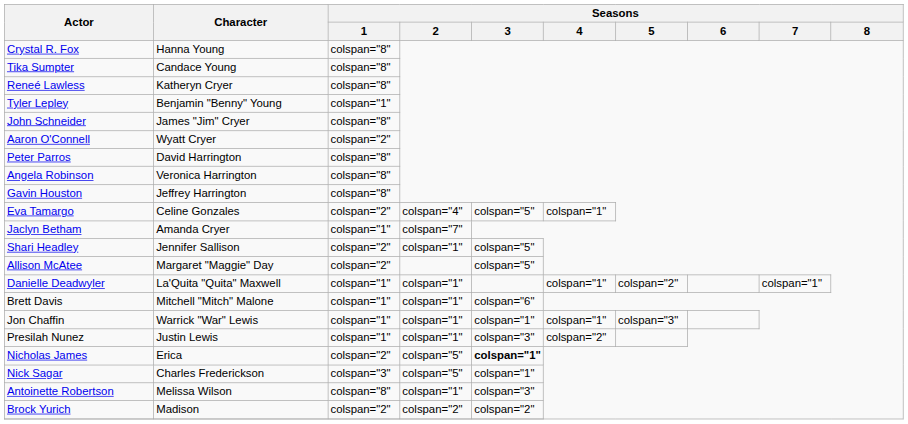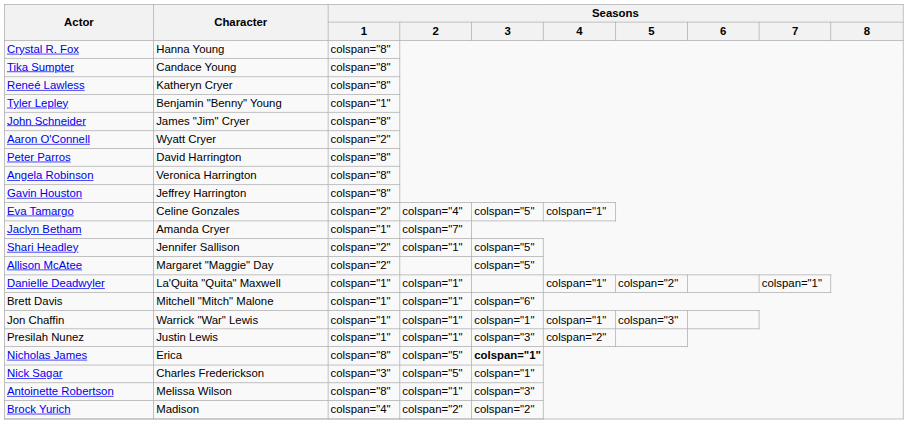 <table class="wikitable">
 <tr>
 <th rowspan="2">Actor</th>
 <th rowspan="2">Character</th>
 <th colspan="8">Seasons</th>
 </tr>
 <tr>
 <th style="width:8%;">1</th>
 <th style="width:8%;">2</th>
 <th style="width:8%;">3</th>
 <th style="width:8%;">4</th>
 <th style="width:8%;">5</th>
 <th style="width:8%;">6</th>
 <th style="width:8%;">7</th>
 <th style="width:8%;">8</th>
 </tr>
 <tr>
 <td><a href='#'>Crystal R. Fox</a></td>
 <td>Hanna Young</td>
 <td>colspan="8" </td>
 </tr>
 <tr>
 <td><a href='#'>Tika Sumpter</a></td>
 <td>Candace Young</td>
 <td>colspan="8" </td>
 </tr>
 <tr>
 <td><a href='#'>Reneé Lawless</a></td>
 <td>Katheryn Cryer</td>
 <td>colspan="8" </td>
 </tr>
 <tr>
 <td><a href='#'>Tyler Lepley</a></td>
 <td>Benjamin "Benny" Young</td>
 <td>colspan="1" </td>
 </tr>
 <tr>
 <td><a href='#'>John Schneider</a></td>
 <td>James "Jim" Cryer</td>
 <td>colspan="8" </td>
 </tr>
 <tr>
 <td><a href='#'>Aaron O'Connell</a></td>
 <td>Wyatt Cryer</td>
 <td>colspan="2" </td>
 </tr>
 <tr>
 <td><a href='#'>Peter Parros</a></td>
 <td>David Harrington</td>
 <td>colspan="8" </td>
 </tr>
 <tr>
 <td><a href='#'>Angela Robinson</a></td>
 <td>Veronica Harrington</td>
 <td>colspan="8" </td>
 </tr>
 <tr>
 <td><a href='#'>Gavin Houston</a></td>
 <td>Jeffrey Harrington</td>
 <td>colspan="8" </td>
 </tr>
 <tr>
 <td><a href='#'>Eva Tamargo</a></td>
 <td>Celine Gonzales</td>
 <td>colspan="2" </td>
 <td>colspan="4" </td>
 <td>colspan="5" </td>
 <td>colspan="1" </td>
 </tr>
 <tr>
 <td><a href='#'>Jaclyn Betham</a></td>
 <td>Amanda Cryer</td>
 <td>colspan="1" </td>
 <td>colspan="7" </td>
 </tr>
 <tr>
 <td><a href='#'>Shari Headley</a></td>
 <td>Jennifer Sallison</td>
 <td>colspan="2" </td>
 <td>colspan="1" </td>
 <td>colspan="5" </td>
 </tr>
 <tr>
 <td><a href='#'>Allison McAtee</a></td>
 <td>Margaret "Maggie" Day</td>
 <td>colspan="2" </td>
 <td></td>
 <td>colspan="5" </td>
 </tr>
 <tr>
 <td><a href='#'>Danielle Deadwyler</a></td>
 <td>La'Quita "Quita" Maxwell</td>
 <td>colspan="1" </td>
 <td>colspan="1" </td>
 <td></td>
 <td>colspan="1" </td>
 <td>colspan="2" </td>
 <td></td>
 <td>colspan="1" </td>
 </tr>
 <tr>
 <td>Brett Davis</td>
 <td>Mitchell "Mitch" Malone</td>
 <td>colspan="1" </td>
 <td>colspan="1" </td>
 <td>colspan="6" </td>
 </tr>
 <tr>
 <td>Jon Chaffin</td>
 <td>Warrick "War" Lewis</td>
 <td>colspan="1" </td>
 <td>colspan="1" </td>
 <td>colspan="1" </td>
 <td>colspan="1" </td>
 <td>colspan="3" </td>
 <td></td>
 </tr>
 <tr>
 <td>Presilah Nunez</td>
 <td>Justin Lewis</td>
 <td>colspan="1" </td>
 <td>colspan="1" </td>
 <td>colspan="3" </td>
 <td>colspan="2" </td>
 <td></td>
 </tr>
 <tr>
 <td><a href='#'>Nicholas James</a></td>
 <td>Erica</td>
-<td>colspan="2" </td>
+<td>colspan="8" </td>
 <td>colspan="5" </td>
 <td><strong>colspan="1" </strong></td>
 </tr>
 <tr>
 <td><a href='#'>Nick Sagar</a></td>
 <td>Charles Frederickson</td>
 <td>colspan="3" </td>
 <td>colspan="5" </td>
 <td>colspan="1" </td>
 </tr>
 <tr>
 <td><a href='#'>Antoinette Robertson</a></td>
 <td>Melissa Wilson</td>
 <td>colspan="8" </td>
 <td>colspan="1" </td>
 <td>colspan="3" </td>
 </tr>
 <tr>
 <td><a href='#'>Brock Yurich</a></td>
 <td>Madison</td>
-<td>colspan="2" </td>
+<td>colspan="4" </td>
 <td>colspan="2" </td>
 <td>colspan="2" </td>
 </tr>
 <tr>
 </tr>
 </table>
